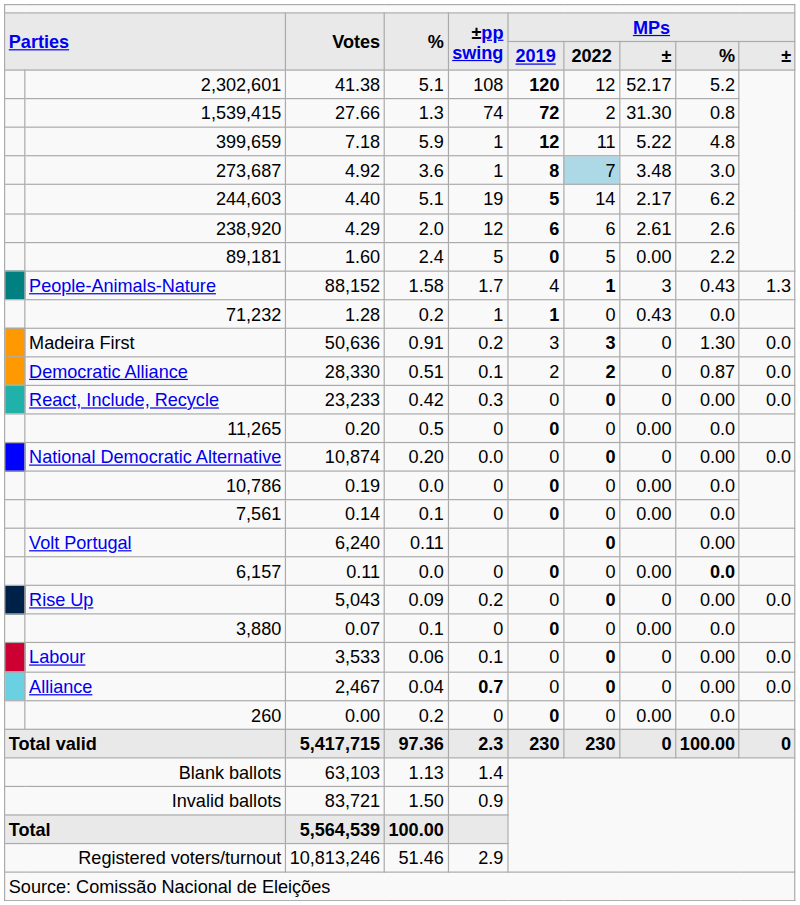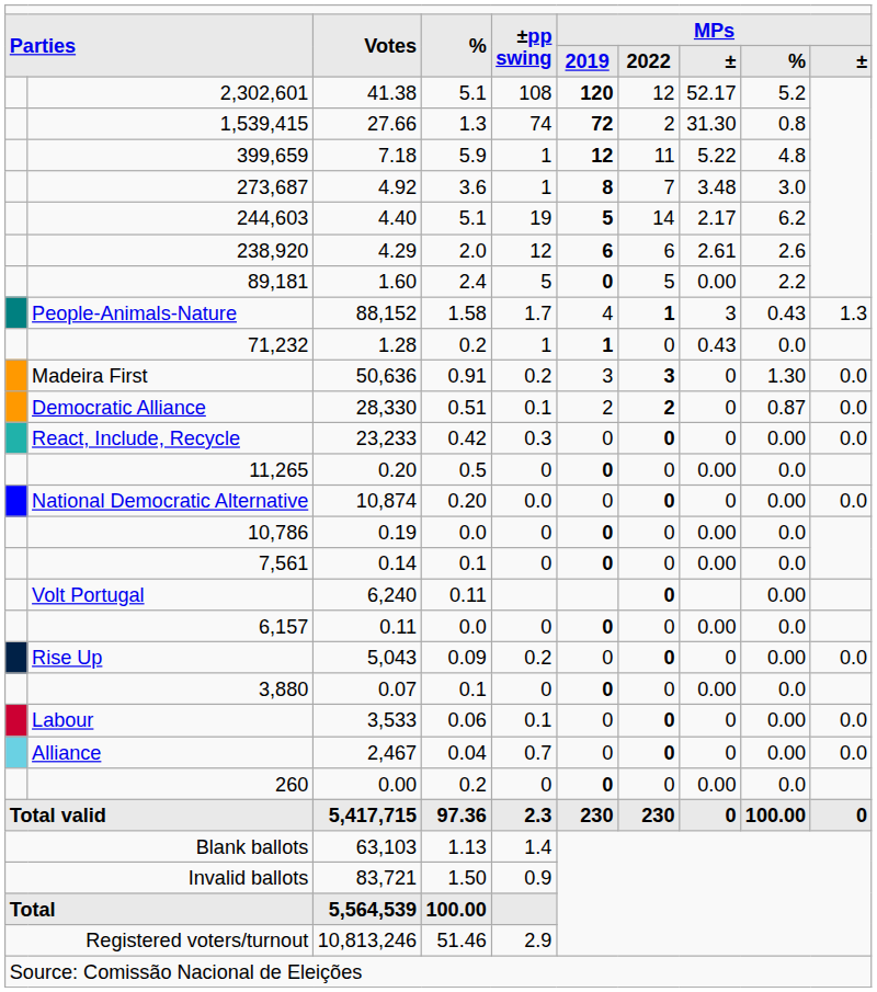 <table class="wikitable" style="text-align:right; font-size:95%;">
 <tr>
 <td colspan=10></td>
 </tr>
 <tr>
 <th rowspan="2" colspan="2" style="background:#e9e9e9; text-align:left;" alignleft><a href='#'>Parties</a></th>
 <th rowspan="2" style="background:#e9e9e9; text-align:right;">Votes</th>
 <th rowspan="2" style="background:#e9e9e9; text-align:right;">%</th>
 <th rowspan="2" style="background:#e9e9e9; text-align:right;">±<a href='#'>pp</a> <a href='#'>swing</a></th>
 <th colspan="5" style="background:#e9e9e9; text-align:center;"><a href='#'>MPs</a></th>
 </tr>
 <tr style="background-color:#E9E9E9">
 <th style="background-color:#E9E9E9;text-align:center;"><a href='#'>2019</a></th>
 <th style="background-color:#E9E9E9;text-align:center;">2022</th>
 <th style="background:#e9e9e9; text-align:right;">±</th>
 <th style="background:#e9e9e9; text-align:right;">%</th>
 <th style="background:#e9e9e9; text-align:right;">±</th>
 </tr>
 <tr>
 <td></td>
 <td>2,302,601</td>
 <td>41.38</td>
 <td>5.1</td>
 <td>108</td>
 <td><strong>120</strong></td>
 <td>12</td>
 <td>52.17</td>
 <td>5.2</td>
 </tr>
 <tr>
 <td></td>
 <td>1,539,415</td>
 <td>27.66</td>
 <td>1.3</td>
 <td>74</td>
 <td><strong>72</strong></td>
 <td>2</td>
 <td>31.30</td>
 <td>0.8</td>
 </tr>
 <tr>
 <td></td>
 <td>399,659</td>
 <td>7.18</td>
 <td>5.9</td>
 <td>1</td>
 <td><strong>12</strong></td>
 <td>11</td>
 <td>5.22</td>
 <td>4.8</td>
 </tr>
 <tr>
 <td></td>
 <td>273,687</td>
 <td>4.92</td>
 <td>3.6</td>
 <td>1</td>
 <td><strong>8</strong></td>
-<td style="background: lightblue;">7</td>
+<td>7</td>
 <td>3.48</td>
 <td>3.0</td>
 </tr>
 <tr>
 <td></td>
 <td>244,603</td>
 <td>4.40</td>
 <td>5.1</td>
 <td>19</td>
 <td><strong>5</strong></td>
 <td>14</td>
 <td>2.17</td>
 <td>6.2</td>
 </tr>
 <tr>
 <td></td>
 <td>238,920</td>
 <td>4.29</td>
 <td>2.0</td>
 <td>12</td>
 <td><strong>6</strong></td>
 <td>6</td>
 <td>2.61</td>
 <td>2.6</td>
 </tr>
 <tr>
 <td></td>
 <td>89,181</td>
 <td>1.60</td>
 <td>2.4</td>
 <td>5</td>
 <td><strong>0</strong></td>
 <td>5</td>
 <td>0.00</td>
 <td>2.2</td>
 </tr>
 <tr>
 <td style="width: 10px" bgcolor="teal" align="center"></td>
 <td align="left"><a href='#'>People-Animals-Nature</a></td>
 <td>88,152</td>
 <td>1.58</td>
 <td>1.7</td>
 <td>4</td>
 <td><strong>1</strong></td>
 <td>3</td>
 <td>0.43</td>
 <td>1.3</td>
 </tr>
 <tr>
 <td></td>
 <td>71,232</td>
 <td>1.28</td>
 <td>0.2</td>
 <td>1</td>
 <td><strong>1</strong></td>
 <td>0</td>
 <td>0.43</td>
 <td>0.0</td>
 </tr>
 <tr>
 <td style="width: 10px" bgcolor=#FF9900 align="center"></td>
 <td align=left>Madeira First </td>
 <td>50,636</td>
 <td>0.91</td>
 <td>0.2</td>
 <td>3</td>
 <td><strong>3</strong></td>
 <td>0</td>
 <td>1.30</td>
 <td>0.0</td>
 </tr>
 <tr>
 <td style="width: 9px" bgcolor="#FF9900" align="center"></td>
 <td align="left"><a href='#'>Democratic Alliance</a> </td>
 <td>28,330</td>
 <td>0.51</td>
 <td>0.1</td>
 <td>2</td>
 <td><strong>2</strong></td>
 <td>0</td>
 <td>0.87</td>
 <td>0.0</td>
 </tr>
 <tr>
 <td style="width: 10px" bgcolor="LightSeaGreen" align="center"></td>
 <td align="left"><a href='#'>React, Include, Recycle</a></td>
 <td>23,233</td>
 <td>0.42</td>
 <td>0.3</td>
 <td>0</td>
 <td><strong>0</strong></td>
 <td>0</td>
 <td>0.00</td>
 <td>0.0</td>
 </tr>
 <tr>
 <td></td>
 <td>11,265</td>
 <td>0.20</td>
 <td>0.5</td>
 <td>0</td>
 <td><strong>0</strong></td>
 <td>0</td>
 <td>0.00</td>
 <td>0.0</td>
 </tr>
 <tr>
 <td style="width: 10px" bgcolor="blue" align="center"></td>
 <td align="left"><a href='#'>National Democratic Alternative</a></td>
 <td>10,874</td>
 <td>0.20</td>
 <td>0.0</td>
 <td>0</td>
 <td><strong>0</strong></td>
 <td>0</td>
 <td>0.00</td>
 <td>0.0</td>
 </tr>
 <tr>
 <td></td>
 <td>10,786</td>
 <td>0.19</td>
 <td>0.0</td>
 <td>0</td>
 <td><strong>0</strong></td>
 <td>0</td>
 <td>0.00</td>
 <td>0.0</td>
 </tr>
 <tr>
 <td></td>
 <td>7,561</td>
 <td>0.14</td>
 <td>0.1</td>
 <td>0</td>
 <td><strong>0</strong></td>
 <td>0</td>
 <td>0.00</td>
 <td>0.0</td>
 </tr>
 <tr>
 <td style="width: 10px"></td>
 <td align="left"><a href='#'>Volt Portugal</a></td>
 <td>6,240</td>
 <td>0.11</td>
 <td></td>
 <td></td>
 <td><strong>0</strong></td>
 <td></td>
 <td>0.00</td>
 <td></td>
 </tr>
 <tr>
 <td></td>
 <td>6,157</td>
 <td>0.11</td>
 <td>0.0</td>
 <td>0</td>
 <td><strong>0</strong></td>
 <td>0</td>
 <td>0.00</td>
-<td><strong>0.0</strong></td>
+<td>0.0</td>
 </tr>
 <tr>
 <td style="width: 10px" bgcolor="#002147" align="center"></td>
 <td align="left"><a href='#'>Rise Up</a></td>
 <td>5,043</td>
 <td>0.09</td>
 <td>0.2</td>
 <td>0</td>
 <td><strong>0</strong></td>
 <td>0</td>
 <td>0.00</td>
 <td>0.0</td>
 </tr>
 <tr>
 <td></td>
 <td>3,880</td>
 <td>0.07</td>
 <td>0.1</td>
 <td>0</td>
 <td><strong>0</strong></td>
 <td>0</td>
 <td>0.00</td>
 <td>0.0</td>
 </tr>
 <tr>
 <td style="width: 10px" bgcolor="#CC0033" align="center"></td>
 <td align="left"><a href='#'>Labour</a></td>
 <td>3,533</td>
 <td>0.06</td>
 <td>0.1</td>
 <td>0</td>
 <td><strong>0</strong></td>
 <td>0</td>
 <td>0.00</td>
 <td>0.0</td>
 </tr>
 <tr>
 <td style="width: 10px" bgcolor="#6AD1E3" align="center"></td>
 <td align="left"><a href='#'>Alliance</a></td>
 <td>2,467</td>
 <td>0.04</td>
-<td><strong>0.7</strong></td>
+<td>0.7</td>
 <td>0</td>
 <td><strong>0</strong></td>
 <td>0</td>
 <td>0.00</td>
 <td>0.0</td>
 </tr>
 <tr>
 <td></td>
 <td>260</td>
 <td>0.00</td>
 <td>0.2</td>
 <td>0</td>
 <td><strong>0</strong></td>
 <td>0</td>
 <td>0.00</td>
 <td>0.0</td>
 </tr>
 <tr>
 <td colspan=2 align=left style="background-color:#E9E9E9"><strong>Total valid</strong></td>
 <td width="65" align="right" style="background-color:#E9E9E9"><strong>5,417,715</strong></td>
 <td width="40" align="right" style="background-color:#E9E9E9"><strong>97.36</strong></td>
 <td width="40" align="right" style="background-color:#E9E9E9"><strong>2.3</strong></td>
 <td width="40" align="right" style="background-color:#E9E9E9"><strong>230</strong></td>
 <td width="40" align="right" style="background-color:#E9E9E9"><strong>230</strong></td>
 <td width="40" align="right" style="background-color:#E9E9E9"><strong>0</strong></td>
 <td width="40" align="right" style="background-color:#E9E9E9"><strong>100.00</strong></td>
 <td width="40" align="right" style="background-color:#E9E9E9"><strong>0</strong></td>
 </tr>
 <tr>
 <td colspan=2>Blank ballots</td>
 <td>63,103</td>
 <td>1.13</td>
 <td>1.4</td>
 <td colspan=5 rowspan=4></td>
 </tr>
 <tr>
 <td colspan=2>Invalid ballots</td>
 <td>83,721</td>
 <td>1.50</td>
 <td>0.9</td>
 </tr>
 <tr>
 <td colspan=2 align=left style="background-color:#E9E9E9"><strong>Total</strong></td>
 <td width="50" align="right" style="background-color:#E9E9E9"><strong>5,564,539</strong></td>
 <td width="40" align="right" style="background-color:#E9E9E9"><strong>100.00</strong></td>
 <td width="40" align="right" style="background-color:#E9E9E9"></td>
 </tr>
 <tr>
 <td colspan=2>Registered voters/turnout</td>
 <td>10,813,246</td>
 <td>51.46</td>
 <td>2.9</td>
 </tr>
 <tr>
 <td colspan=10 align=left>Source: Comissão Nacional de Eleições</td>
 </tr>
 </table>
